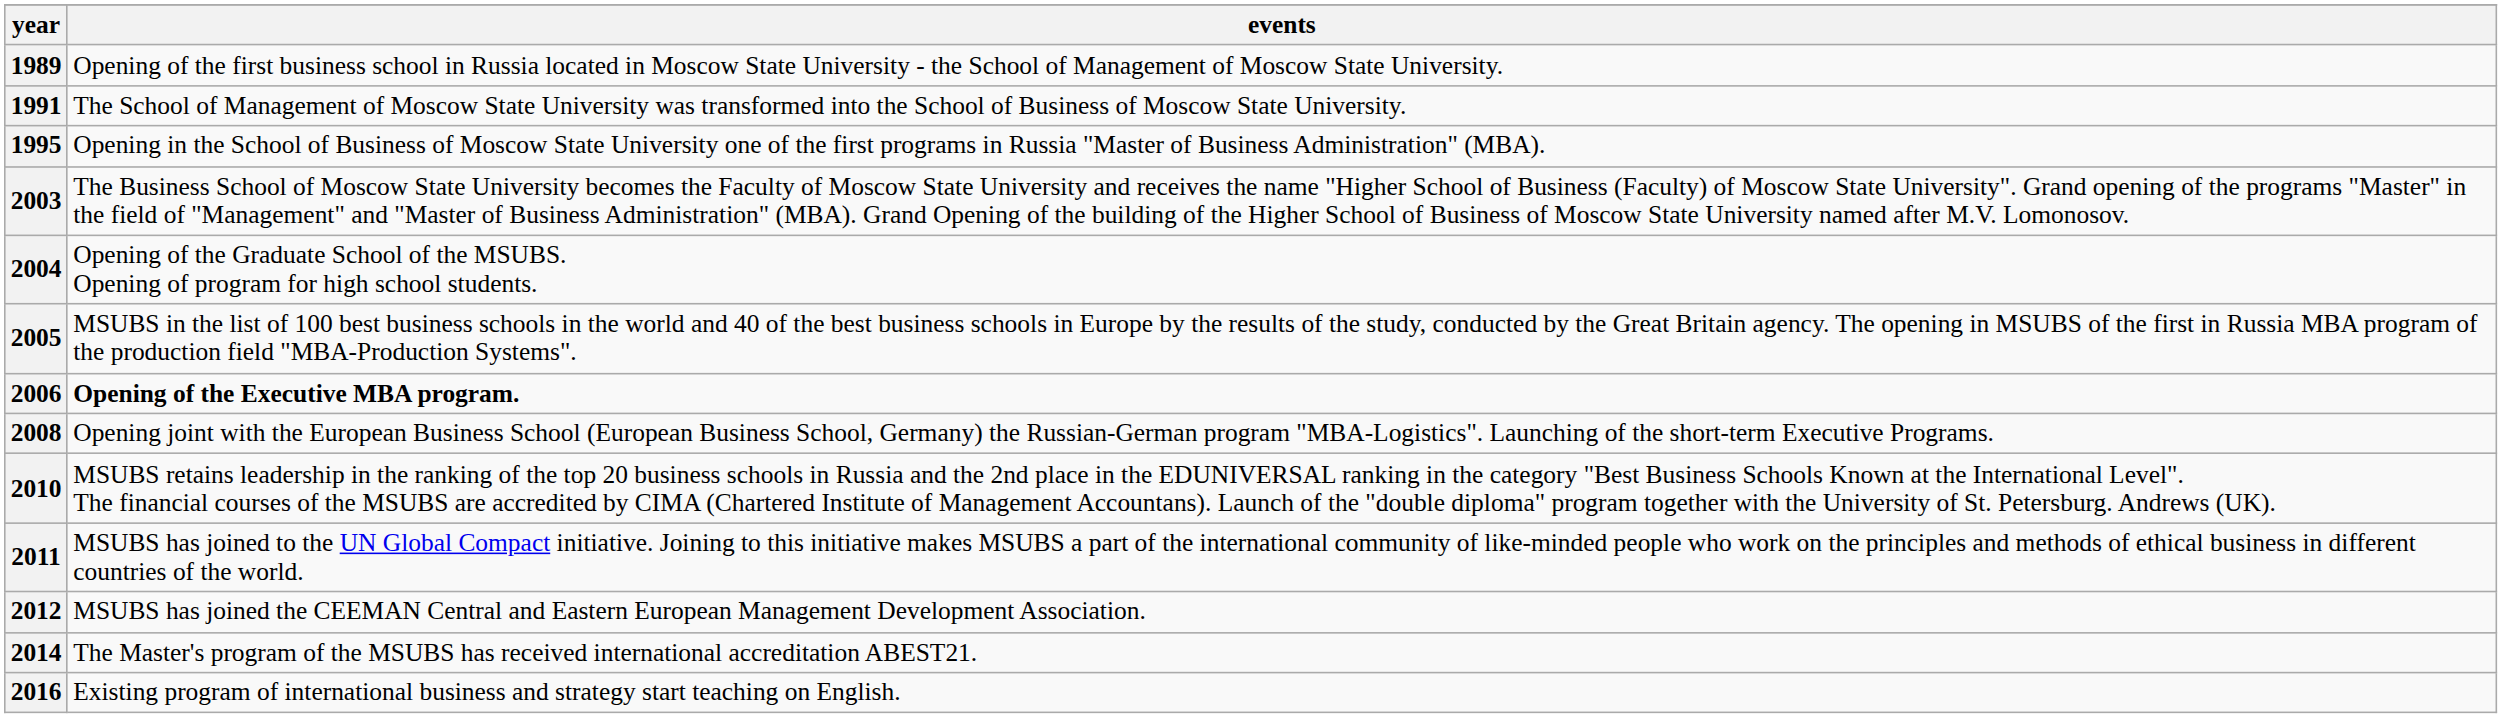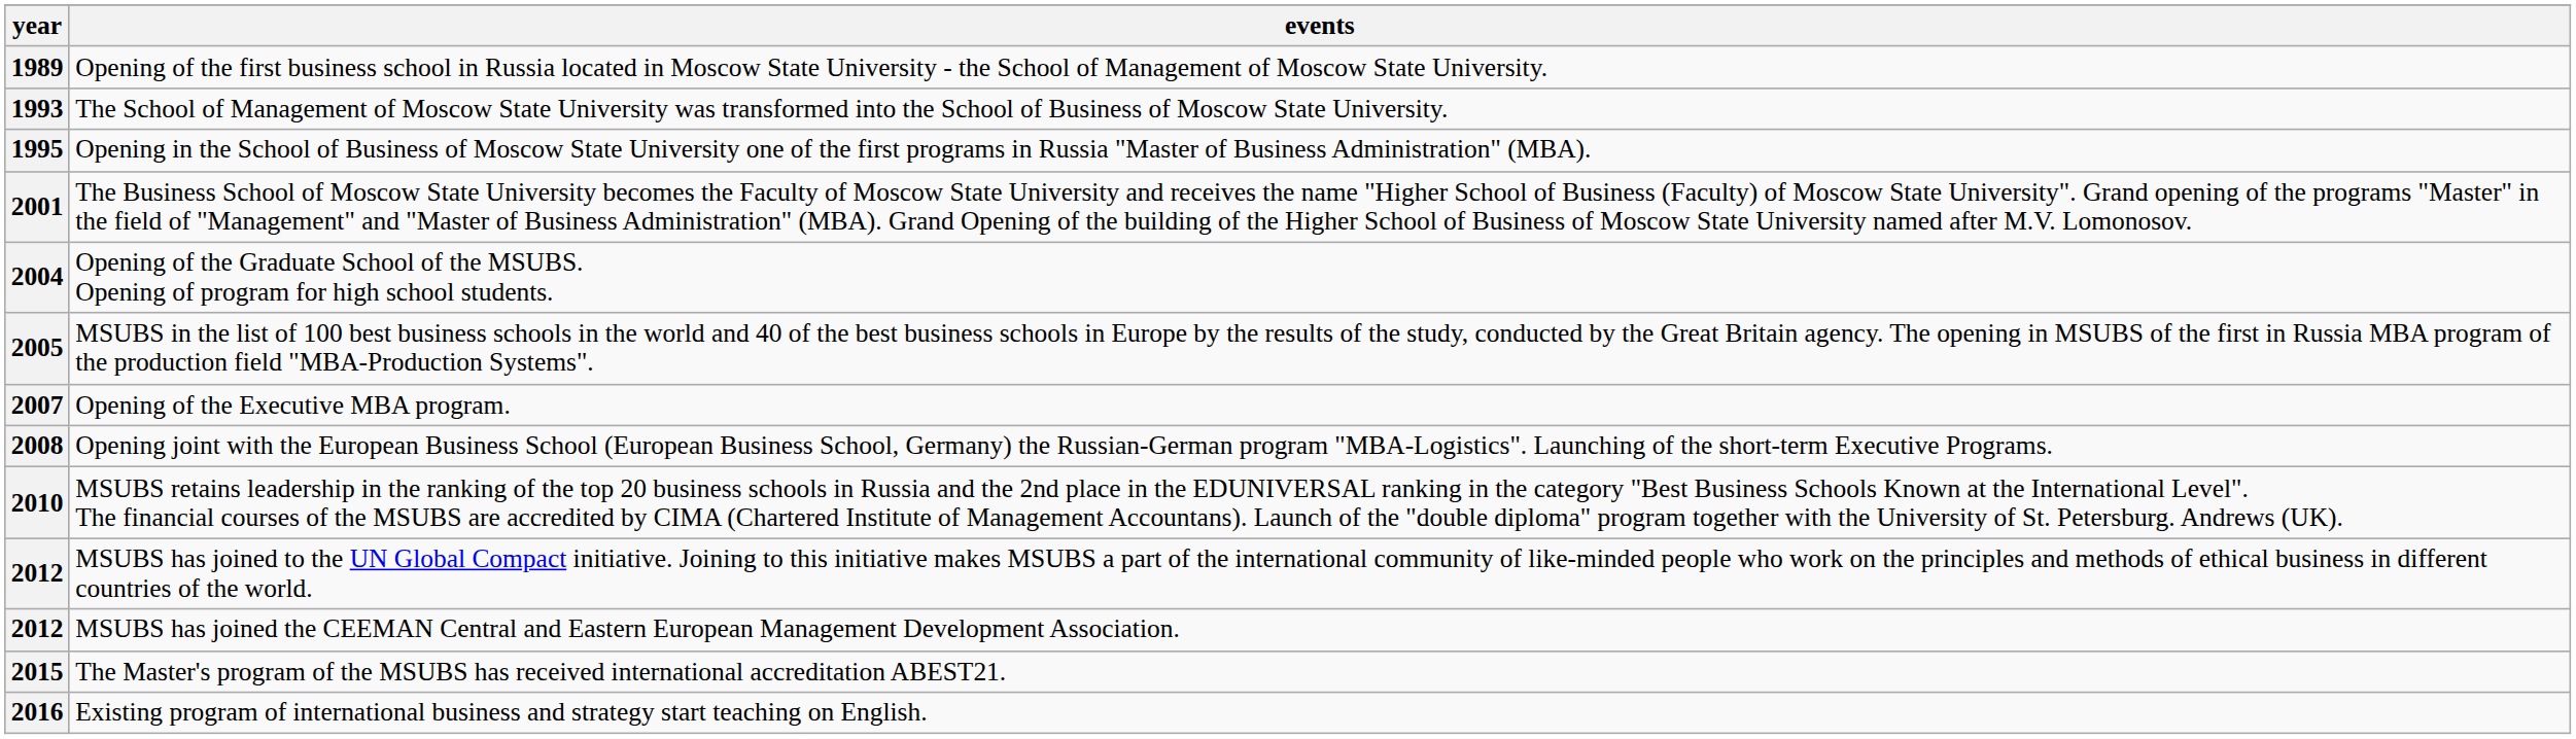 <table class="wikitable plainrowheaders sortable" style="text-align: center;">
 <tr>
 </tr>
 <tr>
 <th scope="col">year</th>
 <th scope="col">events</th>
 </tr>
 <tr>
 <th scope="row">1989</th>
 <td style="text-align:left;">Opening of the first business school in Russia located in Moscow State University  - the School of Management of Moscow State University.</td>
 </tr>
 <tr>
-<th scope="row">1991</th>
+<th scope="row">1993</th>
 <td style="text-align:left;">The School of Management of Moscow State University was transformed into the School of Business of Moscow State University.</td>
 </tr>
 <tr>
 <th scope="row">1995</th>
 <td style="text-align:left;">Opening in the School of Business of Moscow State University one of the first programs in Russia "Master of Business Administration" (MBA).</td>
 </tr>
 <tr>
-<th scope="row">2003</th>
+<th scope="row">2001</th>
 <td style="text-align:left;">The Business School of Moscow State University becomes the Faculty of Moscow State University and receives the name "Higher School of Business (Faculty) of Moscow State University". Grand opening of the programs "Master" in the field of "Management" and "Master of Business Administration" (MBA). Grand Opening of the building of the Higher School of Business of Moscow State University named after M.V. Lomonosov.</td>
 </tr>
 <tr>
 <th scope="row">2004</th>
 <td style="text-align:left;">Opening of the Graduate School of the MSUBS.<br>Opening of program for high school students.</td>
 </tr>
 <tr>
 <th scope="row">2005</th>
 <td style="text-align:left;">MSUBS in the list of 100 best business schools in the world and 40 of the best business schools in Europe by the results of the study, conducted by the Great Britain agency. The opening in MSUBS of the first in Russia MBA program of the production field "MBA-Production Systems".</td>
 </tr>
 <tr>
-<th scope="row">2006</th>
-<td style="text-align:left;"><strong>Opening of the Executive MBA program.</strong></td>
+<th scope="row">2007</th>
+<td style="text-align:left;">Opening of the Executive MBA program.</td>
 </tr>
 <tr>
 <th scope="row">2008</th>
 <td style="text-align:left;">Opening joint with the European Business School (European Business School, Germany) the Russian-German program "MBA-Logistics". Launching of the short-term Executive Programs.</td>
 </tr>
 <tr>
 <th scope="row">2010</th>
 <td style="text-align:left;">MSUBS retains leadership in the ranking of the top 20 business schools in Russia and the 2nd place in the EDUNIVERSAL ranking in the category "Best Business Schools Known at the International Level".<br>The financial courses of the MSUBS are accredited by CIMA (Chartered Institute of Management Accountans). Launch of the "double diploma" program together with the University of St. Petersburg. Andrews (UK).</td>
 </tr>
 <tr>
-<th scope="row">2011</th>
+<th scope="row">2012</th>
 <td style="text-align:left;">MSUBS has joined to the <a href='#'>UN Global Compact</a> initiative. Joining to this initiative makes MSUBS a part of the international community of like-minded people who work on the principles and methods of ethical business in different countries of the world.</td>
 </tr>
 <tr>
 <th scope="row">2012</th>
 <td style="text-align:left;">MSUBS has joined the CEEMAN Central and Eastern European Management Development Association.</td>
 </tr>
 <tr>
-<th scope="row">2014</th>
+<th scope="row">2015</th>
 <td style="text-align:left;">The Master's program of the MSUBS has received international accreditation ABEST21.</td>
 </tr>
 <tr>
 <th scope="row">2016</th>
 <td style="text-align:left;">Existing program of international business and strategy start teaching on English.</td>
 </tr>
 </table>
